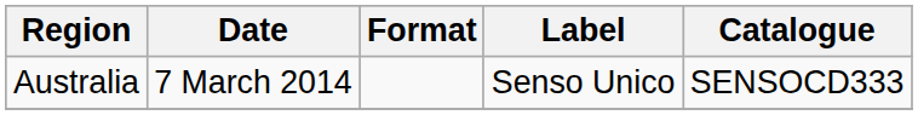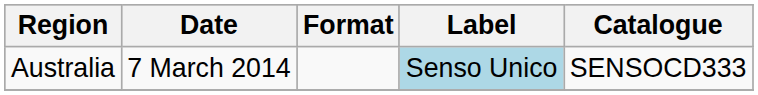 <table class="wikitable plainrowheaders">
 <tr>
 <th scope="col">Region</th>
 <th scope="col">Date</th>
 <th scope="col">Format</th>
 <th scope="col">Label</th>
 <th scope="col">Catalogue</th>
 </tr>
 <tr>
 <td>Australia</td>
 <td>7 March 2014</td>
 <td></td>
-<td>Senso Unico</td>
+<td style="background: lightblue;">Senso Unico</td>
 <td>SENSOCD333</td>
 </tr>
 <tr>
 </tr>
 </table>
